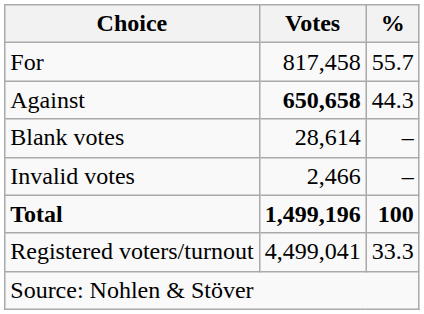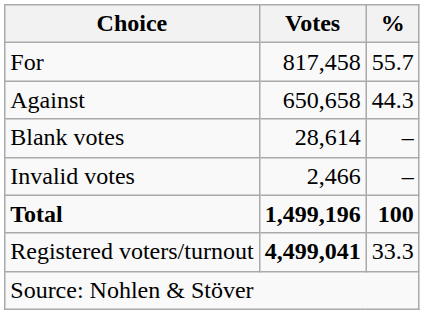 <table class=wikitable style=text-align:right>
 <tr>
 <th>Choice</th>
 <th>Votes</th>
 <th>%</th>
 </tr>
 <tr>
 <td align=left>For</td>
 <td>817,458</td>
 <td>55.7</td>
 </tr>
 <tr>
 <td align=left>Against</td>
-<td><strong>650,658</strong></td>
+<td>650,658</td>
 <td>44.3</td>
 </tr>
 <tr>
 <td align=left>Blank votes</td>
 <td>28,614</td>
 <td>–</td>
 </tr>
 <tr>
 <td align=left>Invalid votes</td>
 <td>2,466</td>
 <td>–</td>
 </tr>
 <tr>
 <td align=left><strong>Total</strong></td>
 <td><strong>1,499,196</strong></td>
 <td><strong>100</strong></td>
 </tr>
 <tr>
 <td align=left>Registered voters/turnout</td>
-<td>4,499,041</td>
+<td><strong>4,499,041</strong></td>
 <td>33.3</td>
 </tr>
 <tr>
 <td align=left colspan=11>Source: Nohlen & Stöver</td>
 </tr>
 </table>
